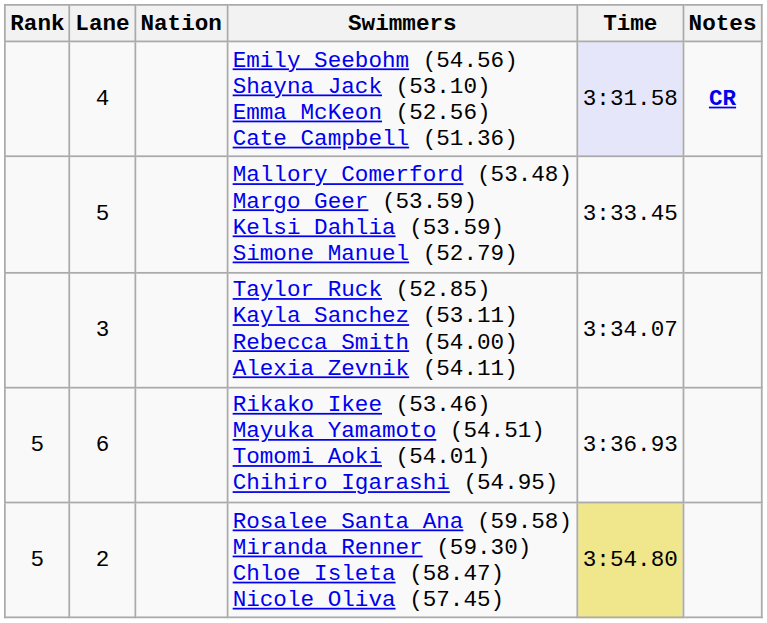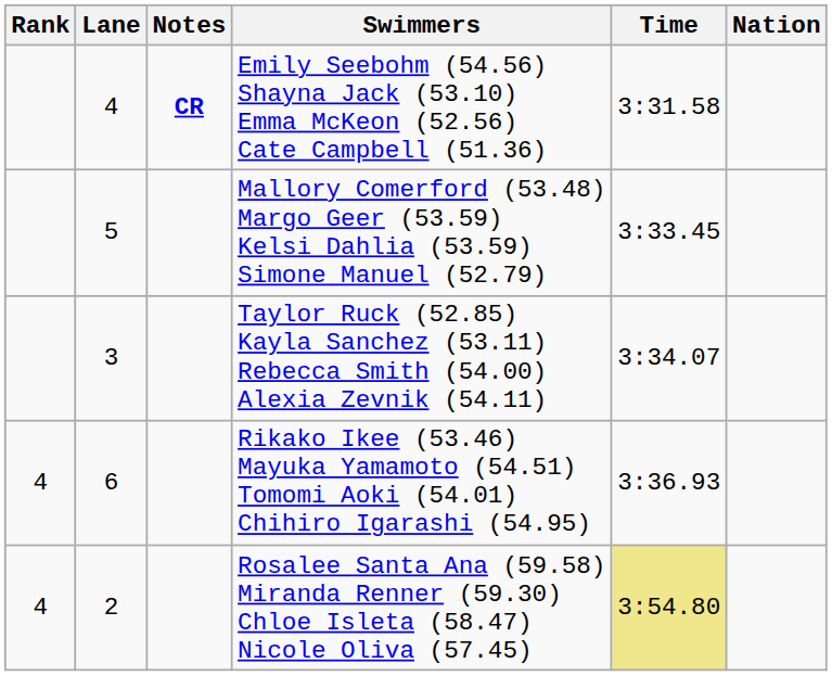 <table class="wikitable sortable" style="text-align:center">
 <tr>
 <th>Rank</th>
 <th>Lane</th>
-<th>Nation</th>
+<th>Notes</th>
 <th>Swimmers</th>
 <th>Time</th>
-<th>Notes</th>
+<th>Nation</th>
 </tr>
 <tr>
 <td></td>
 <td>4</td>
+<td><strong><a href='#'>CR</a></strong></td>
+<td align=left><a href='#'>Emily Seebohm</a> (54.56)<br><a href='#'>Shayna Jack</a> (53.10)<br><a href='#'>Emma McKeon</a> (52.56)<br><a href='#'>Cate Campbell</a> (51.36)</td>
+<td>3:31.58</td>
 <td align=left></td>
-<td align=left><a href='#'>Emily Seebohm</a> (54.56)<br><a href='#'>Shayna Jack</a> (53.10)<br><a href='#'>Emma McKeon</a> (52.56)<br><a href='#'>Cate Campbell</a> (51.36)</td>
-<td style="background: lavender;">3:31.58</td>
-<td><strong><a href='#'>CR</a></strong></td>
 </tr>
 <tr>
 <td></td>
 <td>5</td>
-<td align=left></td>
+<td></td>
 <td align=left><a href='#'>Mallory Comerford</a> (53.48)<br><a href='#'>Margo Geer</a> (53.59)<br><a href='#'>Kelsi Dahlia</a> (53.59)<br><a href='#'>Simone Manuel</a> (52.79)</td>
 <td>3:33.45</td>
-<td></td>
+<td align=left></td>
 </tr>
 <tr>
 <td></td>
 <td>3</td>
-<td align=left></td>
+<td></td>
 <td align=left><a href='#'>Taylor Ruck</a> (52.85)<br><a href='#'>Kayla Sanchez</a> (53.11)<br><a href='#'>Rebecca Smith</a> (54.00)<br><a href='#'>Alexia Zevnik</a> (54.11)</td>
 <td>3:34.07</td>
-<td></td>
+<td align=left></td>
 </tr>
 <tr>
-<td>5</td>
+<td>4</td>
 <td>6</td>
-<td align=left></td>
+<td></td>
 <td align=left><a href='#'>Rikako Ikee</a> (53.46)<br><a href='#'>Mayuka Yamamoto</a> (54.51)<br><a href='#'>Tomomi Aoki</a> (54.01)<br><a href='#'>Chihiro Igarashi</a> (54.95)</td>
 <td>3:36.93</td>
-<td></td>
+<td align=left></td>
 </tr>
 <tr>
-<td>5</td>
+<td>4</td>
 <td>2</td>
-<td align=left></td>
+<td></td>
 <td align=left><a href='#'>Rosalee Santa Ana</a> (59.58)<br><a href='#'>Miranda Renner</a> (59.30)<br><a href='#'>Chloe Isleta</a> (58.47)<br><a href='#'>Nicole Oliva</a> (57.45)</td>
 <td style="background: khaki;">3:54.80</td>
-<td></td>
+<td align=left></td>
 </tr>
 </table>
